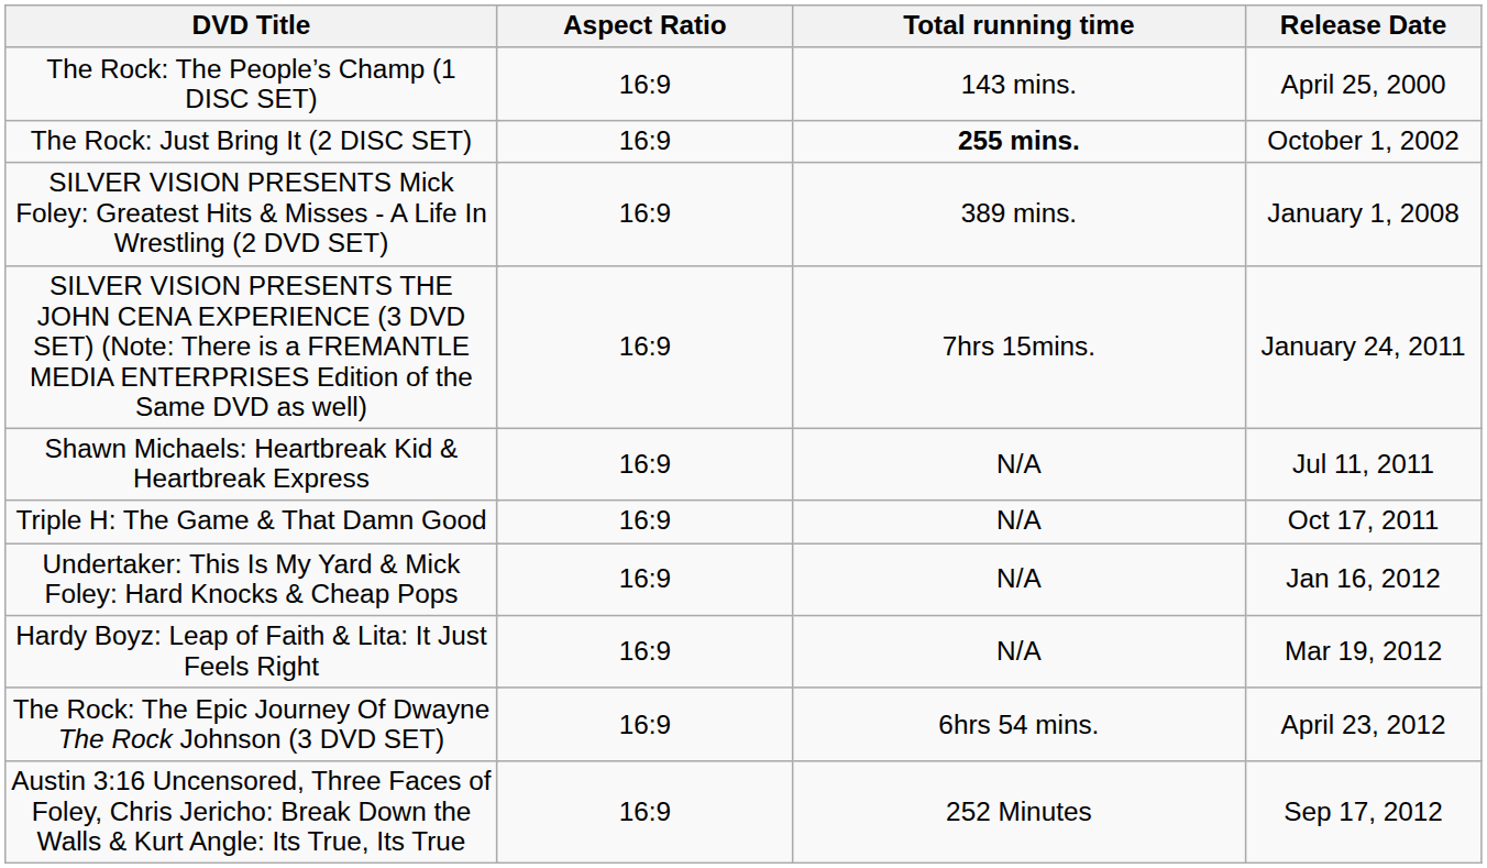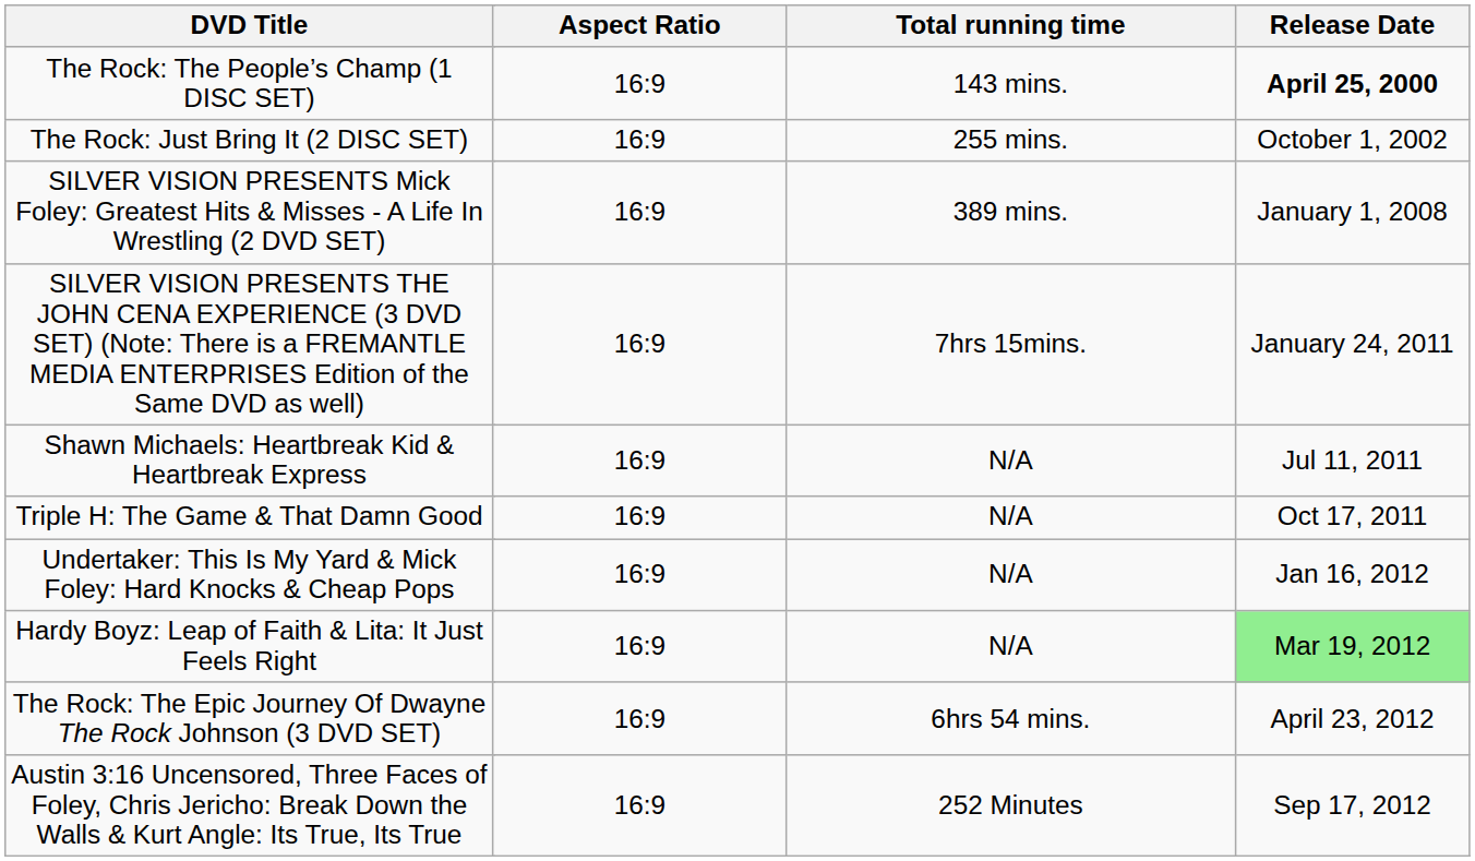 <table class="wikitable" width="100%" style="vertical-align:top">
 <tr>
 <th colspan="2" width="25%">DVD Title</th>
 <th width="15%">Aspect Ratio</th>
 <th width="23%">Total running time</th>
 <th width="12%">Release Date</th>
 </tr>
 <tr>
 <td colspan="2" align="center">The Rock: The People’s Champ (1 DISC SET)</td>
 <td rowspan="1" align="center">16:9</td>
 <td align="center">143 mins.</td>
-<td align="center">April 25, 2000</td>
+<td align="center"><strong>April 25, 2000</strong></td>
 </tr>
 <tr>
 <td colspan="2" align="center">The Rock: Just Bring It (2 DISC SET)</td>
 <td rowspan="1" align="center">16:9</td>
-<td align="center"><strong>255 mins.</strong></td>
+<td align="center">255 mins.</td>
 <td align="center">October 1, 2002</td>
 </tr>
 <tr>
 <td colspan="2" align="center">SILVER VISION PRESENTS Mick Foley: Greatest Hits & Misses - A Life In Wrestling (2 DVD SET)</td>
 <td rowspan="1" align="center">16:9</td>
 <td align="center">389 mins.</td>
 <td align="center">January 1, 2008</td>
 </tr>
 <tr>
 <td colspan="2" align="center">SILVER VISION PRESENTS THE JOHN CENA EXPERIENCE (3 DVD SET) (Note: There is a FREMANTLE MEDIA ENTERPRISES Edition of the Same DVD as well)</td>
 <td rowspan="1" align="center">16:9</td>
 <td align="center">7hrs 15mins.</td>
 <td align="center">January 24, 2011</td>
 </tr>
 <tr>
 <td colspan="2" align="center">Shawn Michaels: Heartbreak Kid & Heartbreak Express</td>
 <td rowspan="1" align="center">16:9</td>
 <td align="center">N/A</td>
 <td align="center">Jul 11, 2011</td>
 </tr>
 <tr>
 <td colspan="2" align="center">Triple H: The Game & That Damn Good</td>
 <td rowspan="1" align="center">16:9</td>
 <td align="center">N/A</td>
 <td align="center">Oct 17, 2011</td>
 </tr>
 <tr>
 <td colspan="2" align="center">Undertaker: This Is My Yard & Mick Foley: Hard Knocks & Cheap Pops</td>
 <td rowspan="1" align="center">16:9</td>
 <td align="center">N/A</td>
 <td align="center">Jan 16, 2012</td>
 </tr>
 <tr>
 <td colspan="2" align="center">Hardy Boyz: Leap of Faith & Lita: It Just Feels Right</td>
 <td rowspan="1" align="center">16:9</td>
 <td align="center">N/A</td>
-<td align="center">Mar 19, 2012</td>
+<td align="center" style="background: lightgreen;">Mar 19, 2012</td>
 </tr>
 <tr>
 <td colspan="2" align="center">The Rock: The Epic Journey Of Dwayne <em>The Rock</em> Johnson (3 DVD SET)</td>
 <td rowspan="1" align="center">16:9</td>
 <td align="center">6hrs 54 mins.</td>
 <td align="center">April 23, 2012</td>
 </tr>
 <tr>
 <td colspan="2" align="center">Austin 3:16 Uncensored, Three Faces of Foley, Chris Jericho: Break Down the Walls & Kurt Angle: Its True, Its True</td>
 <td rowspan="1" align="center">16:9</td>
 <td align="center">252 Minutes</td>
 <td align="center">Sep 17, 2012</td>
 </tr>
 <tr>
 </tr>
 </table>
